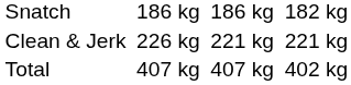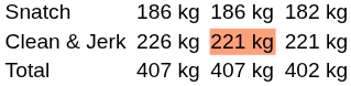 <table>
 <tr>
 <td>Snatch</td>
 <td></td>
 <td>186 kg</td>
 <td></td>
 <td>186 kg</td>
 <td></td>
 <td>182 kg</td>
 </tr>
 <tr>
 <td>Clean & Jerk</td>
 <td></td>
 <td>226 kg</td>
 <td></td>
-<td>221 kg</td>
+<td style="background: lightsalmon;">221 kg</td>
 <td></td>
 <td>221 kg</td>
 </tr>
 <tr>
 <td>Total</td>
 <td></td>
 <td>407 kg</td>
 <td></td>
 <td>407 kg</td>
 <td></td>
 <td>402 kg</td>
 </tr>
 </table>
